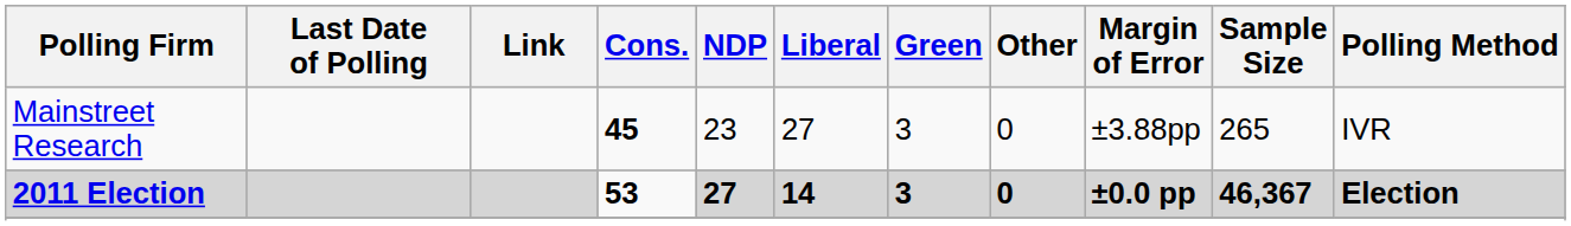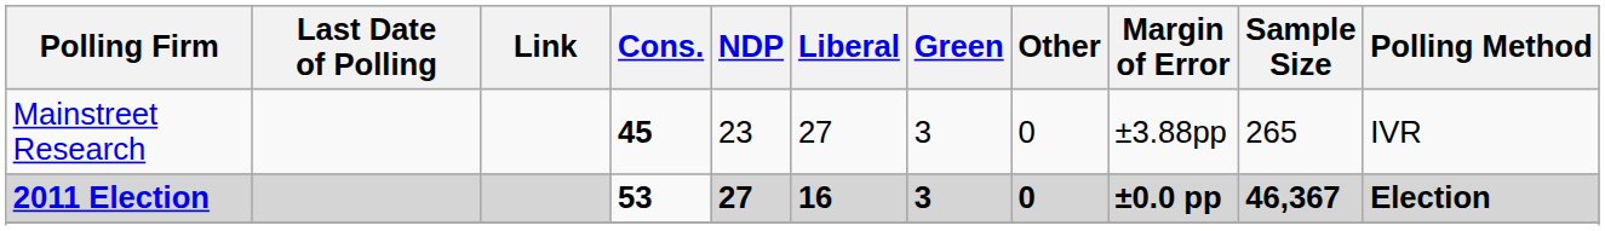 <table class="wikitable sortable">
 <tr style="background:#e9e9e9;">
 <th style="width:120px">Polling Firm</th>
 <th style="width:110px">Last Date<br>of Polling</th>
 <th style="width:60px" class="unsortable">Link</th>
 <th style="background-color:"><strong><a href='#'>Cons.</a></strong></th>
 <th style="background-color:"><strong><a href='#'>NDP</a></strong></th>
 <th style="background-color:"><strong><a href='#'>Liberal</a></strong></th>
 <th style="background-color:"><strong><a href='#'>Green</a></strong></th>
 <th style="background-color:"><strong>Other</strong></th>
 <th style="width:60px;" class=unsortable>Margin<br>of Error</th>
 <th style="width:50px;" class=unsortable>Sample<br>Size</th>
 <th class=unsortable>Polling Method</th>
 </tr>
 <tr>
 <td><a href='#'>Mainstreet Research</a></td>
 <td></td>
 <td></td>
 <td><strong>45</strong></td>
 <td>23</td>
 <td>27</td>
 <td>3</td>
 <td>0</td>
 <td>±3.88pp</td>
 <td>265</td>
 <td>IVR</td>
 </tr>
 <tr>
 <td style="background:#D5D5D5"><strong><a href='#'>2011 Election</a></strong></td>
 <td style="background:#D5D5D5"><strong></strong></td>
 <td style="background:#D5D5D5"></td>
 <td><strong>53</strong></td>
 <td style="background:#D5D5D5"><strong>27</strong></td>
-<td style="background:#D5D5D5"><strong>14</strong></td>
+<td style="background:#D5D5D5"><strong>16</strong></td>
 <td style="background:#D5D5D5"><strong>3</strong></td>
 <td style="background:#D5D5D5"><strong>0</strong></td>
 <td style="background:#D5D5D5"><strong>±0.0 pp</strong></td>
 <td style="background:#D5D5D5"><strong>46,367</strong></td>
 <td style="background:#D5D5D5"><strong>Election</strong></td>
 </tr>
 <tr>
 </tr>
 <tr>
 </tr>
 </table>
